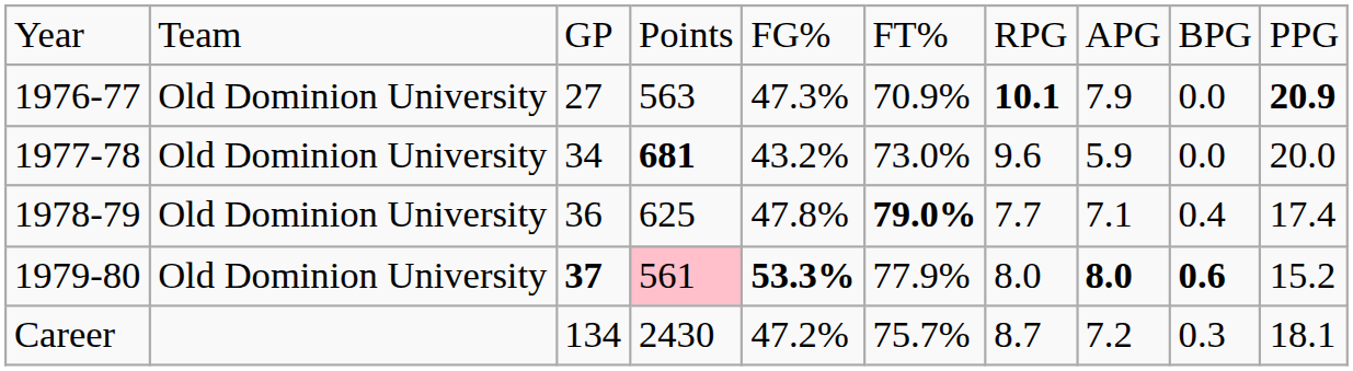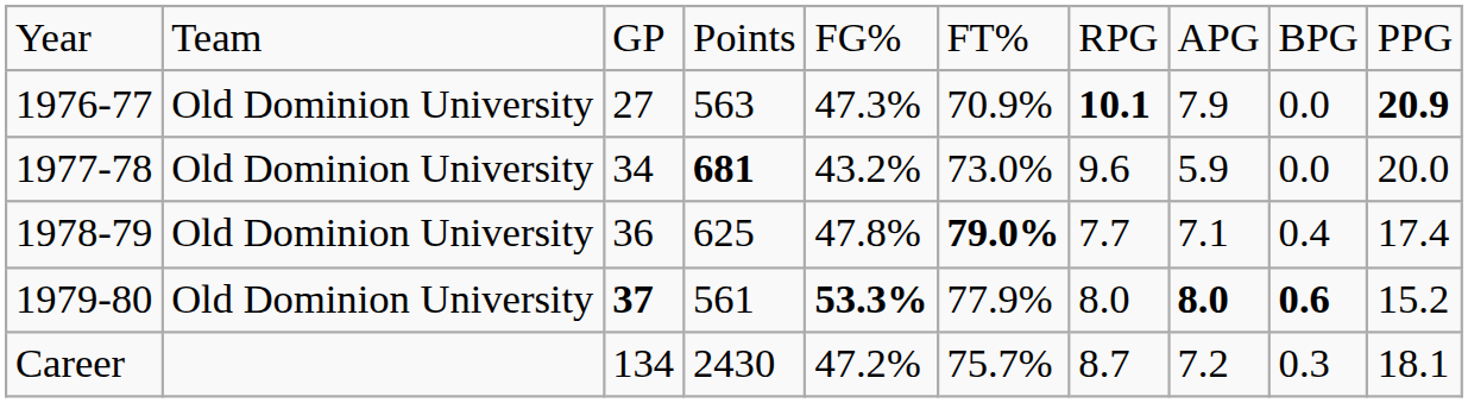 <table class="wikitable">
 <tr>
 <td>Year</td>
 <td>Team</td>
 <td>GP</td>
 <td>Points</td>
 <td>FG%</td>
 <td>FT%</td>
 <td>RPG</td>
 <td>APG</td>
 <td>BPG</td>
 <td>PPG</td>
 </tr>
 <tr>
 <td>1976-77</td>
 <td>Old Dominion University</td>
 <td>27</td>
 <td>563</td>
 <td>47.3%</td>
 <td>70.9%</td>
 <td><strong>10.1</strong></td>
 <td>7.9</td>
 <td>0.0</td>
 <td><strong>20.9</strong></td>
 </tr>
 <tr>
 <td>1977-78</td>
 <td>Old Dominion University</td>
 <td>34</td>
 <td><strong>681</strong></td>
 <td>43.2%</td>
 <td>73.0%</td>
 <td>9.6</td>
 <td>5.9</td>
 <td>0.0</td>
 <td>20.0</td>
 </tr>
 <tr>
 <td>1978-79</td>
 <td>Old Dominion University</td>
 <td>36</td>
 <td>625</td>
 <td>47.8%</td>
 <td><strong>79.0%</strong></td>
 <td>7.7</td>
 <td>7.1</td>
 <td>0.4</td>
 <td>17.4</td>
 </tr>
 <tr>
 <td>1979-80</td>
 <td>Old Dominion University</td>
 <td><strong>37</strong></td>
-<td style="background: pink;">561</td>
+<td>561</td>
 <td><strong>53.3%</strong></td>
 <td>77.9%</td>
 <td>8.0</td>
 <td><strong>8.0</strong></td>
 <td><strong>0.6</strong></td>
 <td>15.2</td>
 </tr>
 <tr>
 <td>Career</td>
 <td></td>
 <td>134</td>
 <td>2430</td>
 <td>47.2%</td>
 <td>75.7%</td>
 <td>8.7</td>
 <td>7.2</td>
 <td>0.3</td>
 <td>18.1</td>
 </tr>
 </table>
